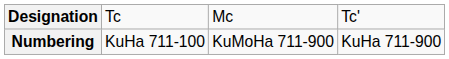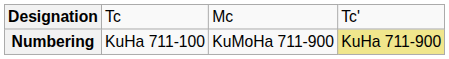 <table class="wikitable">
 <tr>
 <th>Designation</th>
 <td>Tc</td>
 <td>Mc</td>
 <td>Tc'</td>
 </tr>
 <tr>
 <th>Numbering</th>
 <td>KuHa 711-100</td>
 <td>KuMoHa 711-900</td>
-<td>KuHa 711-900</td>
+<td style="background: khaki;">KuHa 711-900</td>
 </tr>
 </table>
